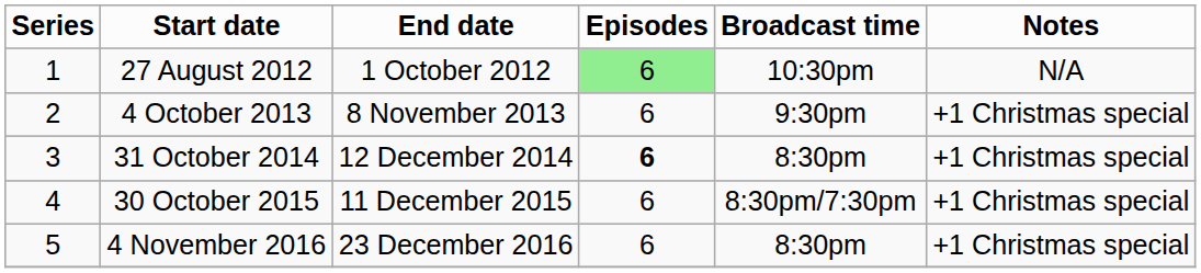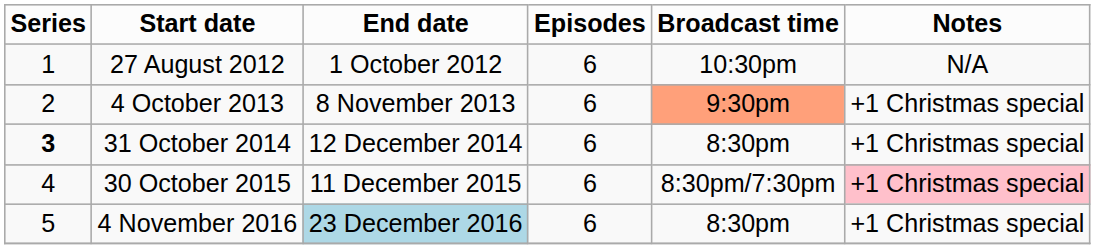 <table class="wikitable" style="text-align:center;">
 <tr>
 <th style="background:#fcfcfc;">Series</th>
 <th style="background:#fcfcfc;">Start date</th>
 <th style="background:#fcfcfc;">End date</th>
 <th style="background:#fcfcfc;">Episodes</th>
 <th style="background:#fcfcfc;">Broadcast time</th>
 <th style="background:#fcfcfc;">Notes</th>
 </tr>
 <tr>
 <td>1</td>
 <td>27 August 2012</td>
 <td>1 October 2012</td>
-<td style="background: lightgreen;">6</td>
+<td>6</td>
 <td>10:30pm</td>
 <td>N/A</td>
 </tr>
 <tr>
 <td>2</td>
 <td>4 October 2013</td>
 <td>8 November 2013</td>
 <td>6</td>
-<td>9:30pm</td>
+<td style="background: lightsalmon;">9:30pm</td>
 <td>+1 Christmas special</td>
 </tr>
 <tr>
-<td>3</td>
+<td><strong>3</strong></td>
 <td>31 October 2014</td>
 <td>12 December 2014</td>
-<td><strong>6</strong></td>
+<td>6</td>
 <td>8:30pm</td>
 <td>+1 Christmas special</td>
 </tr>
 <tr>
 <td>4</td>
 <td>30 October 2015</td>
 <td>11 December 2015</td>
 <td>6</td>
 <td>8:30pm/7:30pm</td>
-<td>+1 Christmas special</td>
+<td style="background: pink;">+1 Christmas special</td>
 </tr>
 <tr>
 <td>5</td>
 <td>4 November 2016</td>
-<td>23 December 2016</td>
+<td style="background: lightblue;">23 December 2016</td>
 <td>6</td>
 <td>8:30pm</td>
 <td>+1 Christmas special</td>
 </tr>
 <tr>
 </tr>
 </table>
